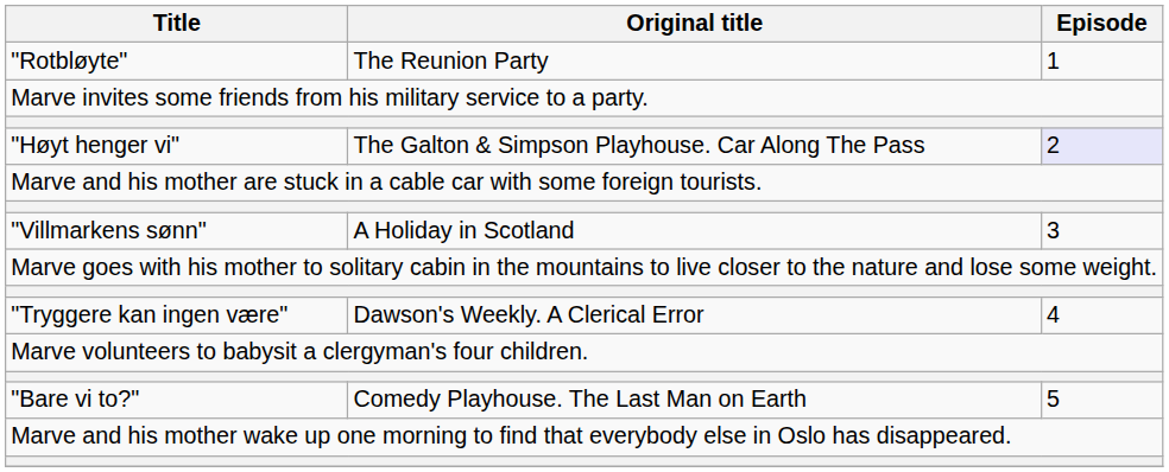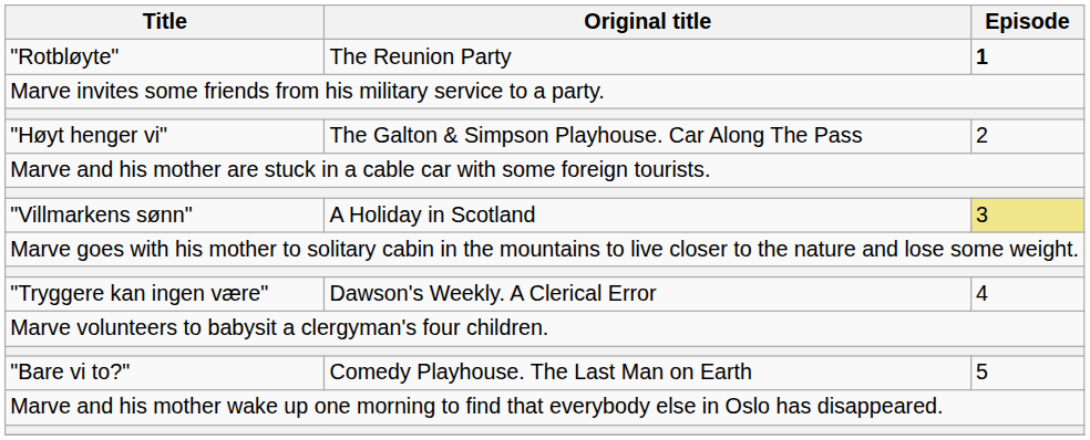 <table class="wikitable">
 <tr>
 <th>Title</th>
 <th>Original title</th>
 <th>Episode</th>
 </tr>
 <tr>
 <td>"Rotbløyte"</td>
 <td>The Reunion Party</td>
-<td>1</td>
+<td><strong>1</strong></td>
 </tr>
 <tr>
 <td colspan="6">Marve invites some friends from his military service to a party.</td>
 </tr>
 <tr>
 <td colspan="6" bgcolor="#f2f2f2"></td>
 </tr>
 <tr>
 <td>"Høyt henger vi"</td>
 <td>The Galton & Simpson Playhouse. Car Along The Pass</td>
-<td style="background: lavender;">2</td>
+<td>2</td>
 </tr>
 <tr>
 <td colspan="6">Marve and his mother are stuck in a cable car with some foreign tourists.</td>
 </tr>
 <tr>
 <td colspan="6" bgcolor="#f2f2f2"></td>
 </tr>
 <tr>
 <td>"Villmarkens sønn"</td>
 <td>A Holiday in Scotland</td>
-<td>3</td>
+<td style="background: khaki;">3</td>
 </tr>
 <tr>
 <td colspan="6">Marve goes with his mother to solitary cabin in the mountains to live closer to the nature and lose some weight.</td>
 </tr>
 <tr>
 <td colspan="6" bgcolor="#f2f2f2"></td>
 </tr>
 <tr>
 <td>"Tryggere kan ingen være"</td>
 <td>Dawson's Weekly. A Clerical Error</td>
 <td>4</td>
 </tr>
 <tr>
 <td colspan="6">Marve volunteers to babysit a clergyman's four children.</td>
 </tr>
 <tr>
 <td colspan="6" bgcolor="#f2f2f2"></td>
 </tr>
 <tr>
 <td>"Bare vi to?"</td>
 <td>Comedy Playhouse. The Last Man on Earth</td>
 <td>5</td>
 </tr>
 <tr>
 <td colspan="6">Marve and his mother wake up one morning to find that everybody else in Oslo has disappeared.</td>
 </tr>
 <tr>
 <td colspan="6" bgcolor="#f2f2f2"></td>
 </tr>
 <tr>
 </tr>
 </table>
